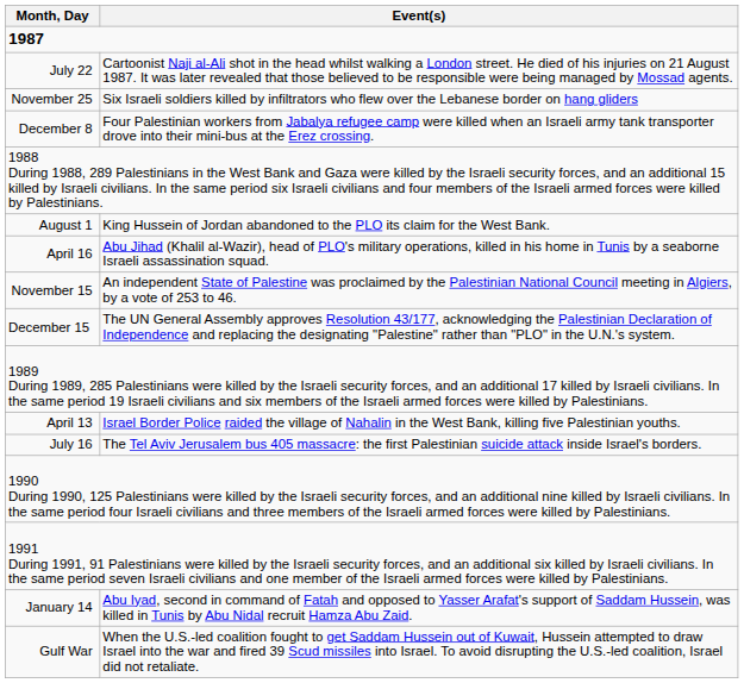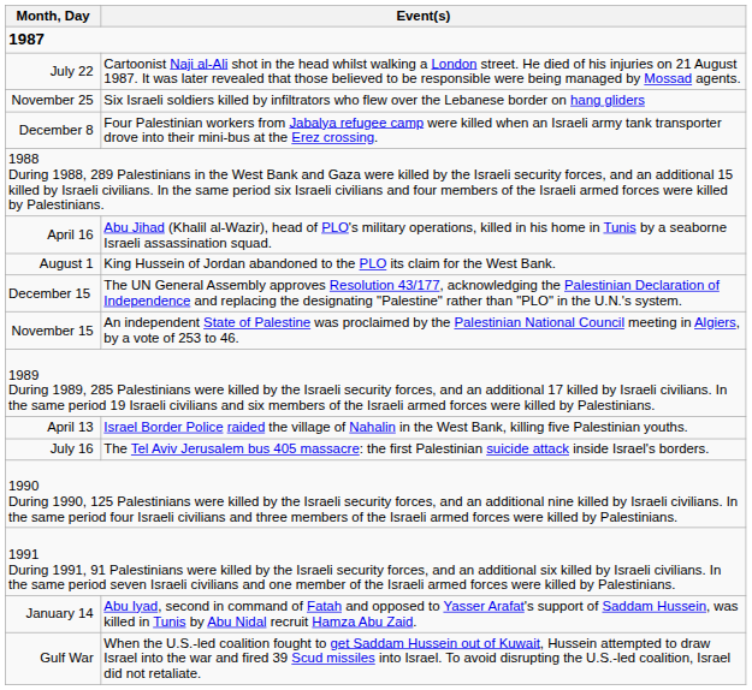 <table class="wikitable">
 <tr>
 <th>Month, Day</th>
 <th>Event(s)</th>
 </tr>
 <tr>
 <td colspan="2" style="font-weight: 700; font-size:1.17em">1987</td>
 </tr>
 <tr>
 <td style="white-space:nowrap;text-align:right;padding-right:0.5em;">July 22</td>
 <td>Cartoonist <a href='#'>Naji al-Ali</a> shot in the head whilst walking a <a href='#'>London</a> street. He died of his injuries on 21 August 1987. It was later revealed that those believed to be responsible were being managed by <a href='#'>Mossad</a> agents.</td>
 </tr>
 <tr>
 <td style="white-space:nowrap;text-align:right;padding-right:0.5em;">November 25</td>
 <td>Six Israeli soldiers killed by infiltrators who flew over the Lebanese border on <a href='#'>hang gliders</a></td>
 </tr>
 <tr>
 <td style="white-space:nowrap;text-align:right;padding-right:0.5em;">December 8</td>
 <td>Four Palestinian workers from <a href='#'>Jabalya refugee camp</a> were killed when an Israeli army tank transporter drove into their mini-bus at the <a href='#'>Erez crossing</a>.</td>
 </tr>
 <tr>
 <td colspan="2"><span>1988</span><br>During 1988, 289 Palestinians in the West Bank and Gaza were killed by the Israeli security forces, and an additional 15 killed by Israeli civilians. In the same period six Israeli civilians and four members of the Israeli armed forces were killed by Palestinians.</td>
 </tr>
 <tr>
+<td style="white-space:nowrap;text-align:right;padding-right:0.5em;">April 16</td>
+<td><a href='#'>Abu Jihad</a> (Khalil al-Wazir), head of <a href='#'>PLO</a>'s military operations, killed in his home in <a href='#'>Tunis</a> by a seaborne Israeli assassination squad.</td>
+</tr>
+<tr>
 <td style="white-space:nowrap;text-align:right;padding-right:0.5em;">August 1</td>
 <td>King Hussein of Jordan abandoned to the <a href='#'>PLO</a> its claim for the West Bank.</td>
 </tr>
 <tr>
-<td style="white-space:nowrap;text-align:right;padding-right:0.5em;">April 16</td>
-<td><a href='#'>Abu Jihad</a> (Khalil al-Wazir), head of <a href='#'>PLO</a>'s military operations, killed in his home in <a href='#'>Tunis</a> by a seaborne Israeli assassination squad.</td>
+<td>December 15</td>
+<td>The UN General Assembly approves <a href='#'>Resolution 43/177</a>, acknowledging the <a href='#'>Palestinian Declaration of Independence</a> and replacing the designating "Palestine" rather than "PLO" in the U.N.'s system.</td>
 </tr>
 <tr>
 <td style="white-space:nowrap;text-align:right;padding-right:0.5em;">November 15</td>
 <td>An independent <a href='#'>State of Palestine</a> was proclaimed by the <a href='#'>Palestinian National Council</a> meeting in <a href='#'>Algiers</a>, by a vote of 253 to 46.</td>
-</tr>
-<tr>
-<td>December 15</td>
-<td>The UN General Assembly approves <a href='#'>Resolution 43/177</a>, acknowledging the <a href='#'>Palestinian Declaration of Independence</a> and replacing the designating "Palestine" rather than "PLO" in the U.N.'s system.</td>
 </tr>
 <tr>
 <td colspan="2"><br><span>1989</span><br>During 1989, 285 Palestinians were killed by the Israeli security forces, and an additional 17 killed by Israeli civilians. In the same period 19 Israeli civilians and six members of the Israeli armed forces were killed by Palestinians.</td>
 </tr>
 <tr>
 <td style="white-space:nowrap;text-align:right;padding-right:0.5em;">April 13</td>
 <td><a href='#'>Israel Border Police</a> <a href='#'>raided</a> the village of <a href='#'>Nahalin</a> in the West Bank, killing five Palestinian youths.</td>
 </tr>
 <tr>
 <td style="white-space:nowrap;text-align:right;padding-right:0.5em;">July 16</td>
 <td>The <a href='#'>Tel Aviv Jerusalem bus 405 massacre</a>: the first Palestinian <a href='#'>suicide attack</a> inside Israel's borders.</td>
 </tr>
 <tr>
 <td colspan="2"><br><span>1990</span><br>During 1990, 125 Palestinians were killed by the Israeli security forces, and an additional nine killed by Israeli civilians. In the same period four Israeli civilians and three members of the Israeli armed forces were killed by Palestinians.</td>
 </tr>
 <tr>
 <td colspan="2"><br><span>1991</span><br>During 1991, 91 Palestinians were killed by the Israeli security forces, and an additional six killed by Israeli civilians. In the same period seven Israeli civilians and one member of the Israeli armed forces were killed by Palestinians.</td>
 </tr>
 <tr>
 <td style="white-space:nowrap;text-align:right;padding-right:0.5em;">January 14</td>
 <td><a href='#'>Abu Iyad</a>, second in command of <a href='#'>Fatah</a> and opposed to <a href='#'>Yasser Arafat</a>'s support of <a href='#'>Saddam Hussein</a>, was killed in <a href='#'>Tunis</a> by <a href='#'>Abu Nidal</a> recruit <a href='#'>Hamza Abu Zaid</a>.</td>
 </tr>
 <tr>
 <td style="white-space:nowrap;text-align:right;padding-right:0.5em;">Gulf War</td>
 <td>When the U.S.-led coalition fought to <a href='#'>get Saddam Hussein out of Kuwait</a>, Hussein attempted to draw Israel into the war and fired 39 <a href='#'>Scud missiles</a> into Israel. To avoid disrupting the U.S.-led coalition, Israel did not retaliate.</td>
 </tr>
 </table>
